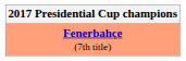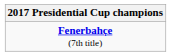 <table class=wikitable style="text-align:center; margin:auto">
 <tr>
 <th>2017 Presidential Cup champions</th>
 </tr>
 <tr>
-<td style="background: lightsalmon;"><strong><a href='#'>Fenerbahçe</a></strong><br><small>(7th title)</small></td>
+<td><strong><a href='#'>Fenerbahçe</a></strong><br><small>(7th title)</small></td>
 </tr>
 </table>
